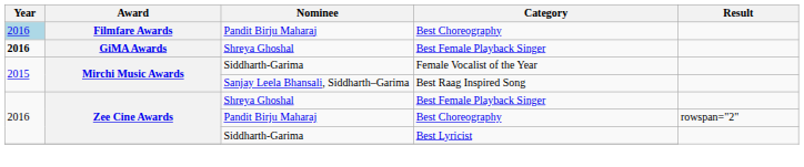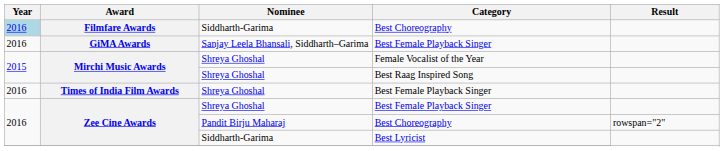 <table class="wikitable sortable plainrowheaders">
 <tr>
 <th width=5%>Year</th>
 <th width=22%>Award</th>
 <th width=24%>Nominee</th>
 <th width=33%>Category</th>
 <th width=15%>Result</th>
 </tr>
 <tr>
 <td style="background: lightblue;"><a href='#'>2016</a></td>
 <th scope="row"><a href='#'>Filmfare Awards</a></th>
-<td><a href='#'>Pandit Birju Maharaj</a></td>
+<td>Siddharth-Garima</td>
 <td><a href='#'>Best Choreography</a></td>
 <td></td>
 </tr>
 <tr>
-<td><strong>2016</strong></td>
+<td>2016</td>
 <th scope="row"><a href='#'>GiMA Awards</a></th>
-<td><a href='#'>Shreya Ghoshal</a></td>
+<td><a href='#'>Sanjay Leela Bhansali</a>, Siddharth–Garima</td>
 <td><a href='#'>Best Female Playback Singer</a></td>
 <td></td>
 </tr>
 <tr>
 <td rowspan="2"><a href='#'>2015</a></td>
 <th scope="row" rowspan="2"><a href='#'>Mirchi Music Awards</a></th>
-<td>Siddharth-Garima</td>
+<td><a href='#'>Shreya Ghoshal</a></td>
 <td>Female Vocalist of the Year</td>
 <td></td>
 </tr>
 <tr>
-<td><a href='#'>Sanjay Leela Bhansali</a>, Siddharth–Garima</td>
+<td><a href='#'>Shreya Ghoshal</a></td>
 <td>Best Raag Inspired Song</td>
+<td></td>
+</tr>
+<tr>
+<td>2016</td>
+<th scope="row"><a href='#'>Times of India Film Awards</a></th>
+<td><a href='#'>Shreya Ghoshal</a></td>
+<td>Best Female Playback Singer</td>
 <td></td>
 </tr>
 <tr>
 <td rowspan="3">2016</td>
 <th scope="row" rowspan="3"><a href='#'>Zee Cine Awards</a></th>
 <td><a href='#'>Shreya Ghoshal</a></td>
 <td><a href='#'>Best Female Playback Singer</a></td>
 <td></td>
 </tr>
 <tr>
 <td><a href='#'>Pandit Birju Maharaj</a></td>
 <td><a href='#'>Best Choreography</a></td>
 <td>rowspan="2" </td>
 </tr>
 <tr>
 <td>Siddharth-Garima</td>
 <td><a href='#'>Best Lyricist</a></td>
 </tr>
 <tr>
 </tr>
 </table>
